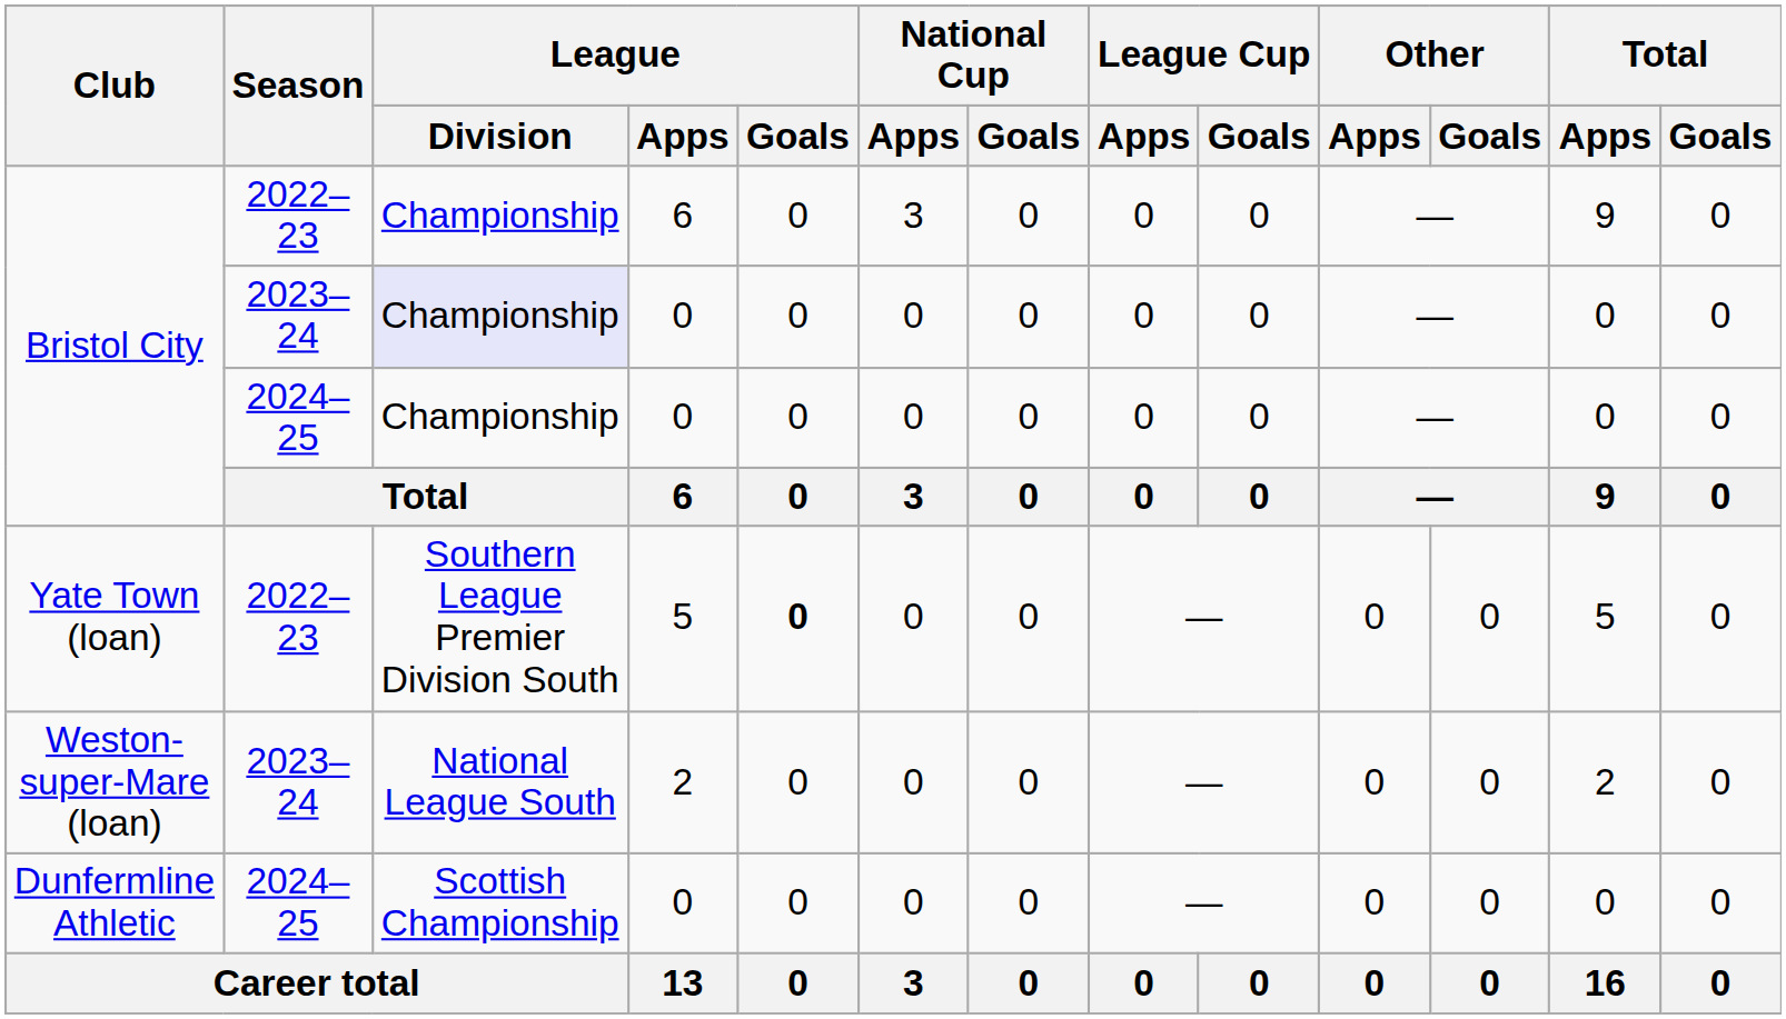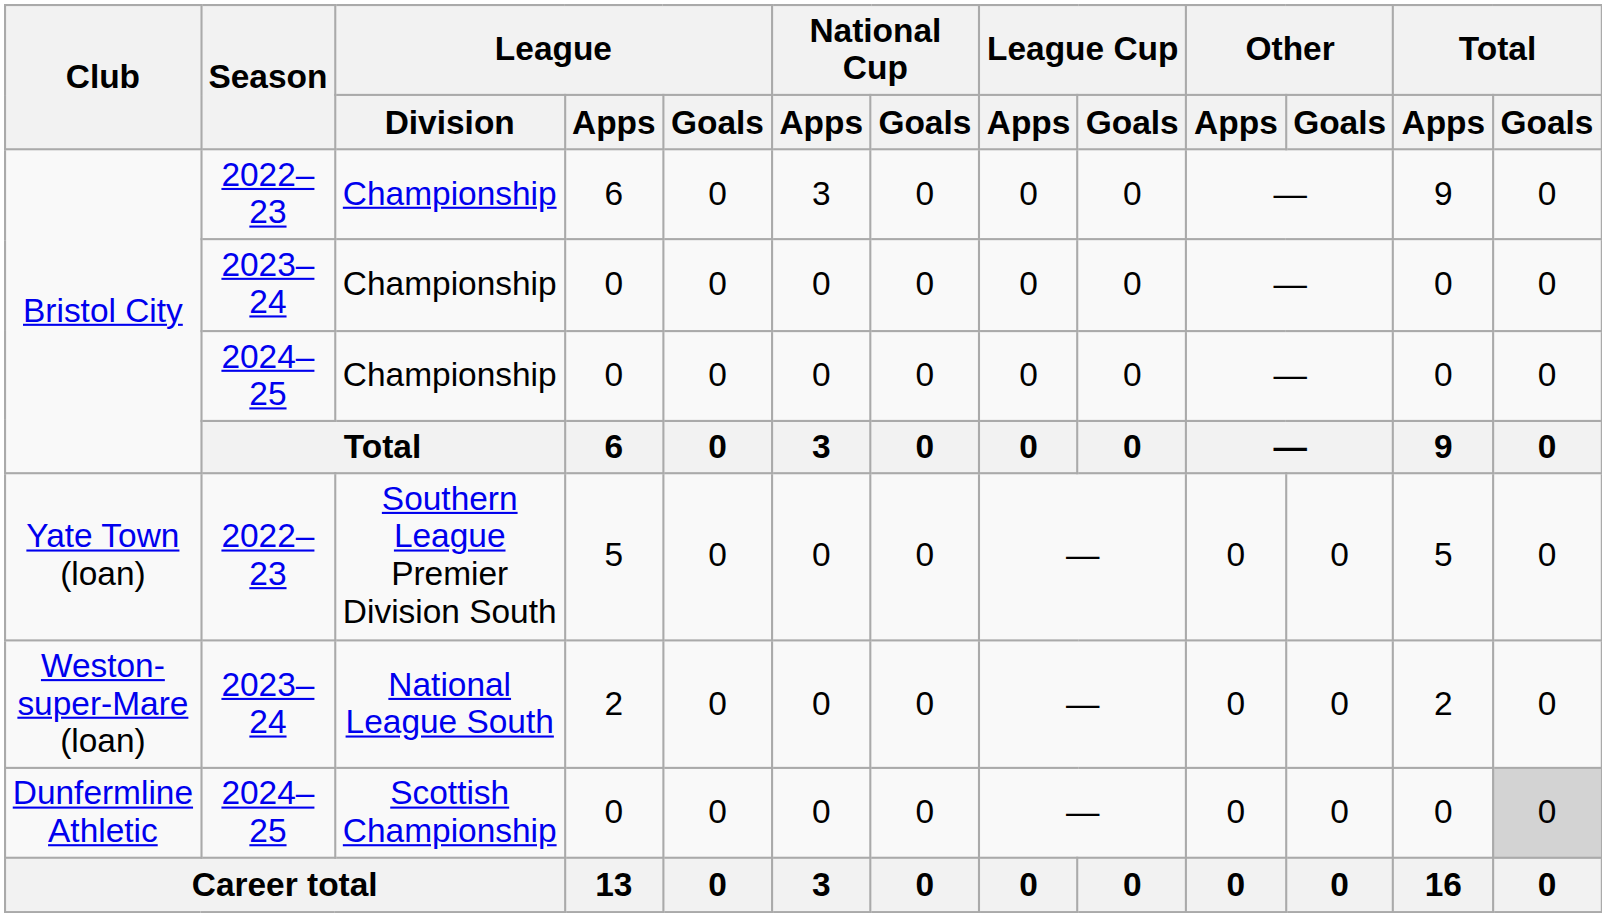 <table class=wikitable style="text-align: center">
 <tr>
 <th rowspan=2>Club</th>
 <th rowspan=2>Season</th>
 <th colspan=3>League</th>
 <th colspan=2>National Cup</th>
 <th colspan=2>League Cup</th>
 <th colspan=2>Other</th>
 <th colspan=2>Total</th>
 </tr>
 <tr>
 <th>Division</th>
 <th>Apps</th>
 <th>Goals</th>
 <th>Apps</th>
 <th>Goals</th>
 <th>Apps</th>
 <th>Goals</th>
 <th>Apps</th>
 <th>Goals</th>
 <th>Apps</th>
 <th>Goals</th>
 </tr>
 <tr>
 <td rowspan=4><a href='#'>Bristol City</a></td>
 <td><a href='#'>2022–23</a></td>
 <td><a href='#'>Championship</a></td>
 <td>6</td>
 <td>0</td>
 <td>3</td>
 <td>0</td>
 <td>0</td>
 <td>0</td>
 <td colspan=2>—</td>
 <td>9</td>
 <td>0</td>
 </tr>
 <tr>
 <td><a href='#'>2023–24</a></td>
-<td style="background: lavender;">Championship</td>
+<td>Championship</td>
 <td>0</td>
 <td>0</td>
 <td>0</td>
 <td>0</td>
 <td>0</td>
 <td>0</td>
 <td colspan=2>—</td>
 <td>0</td>
 <td>0</td>
 </tr>
 <tr>
 <td><a href='#'>2024–25</a></td>
 <td>Championship</td>
 <td>0</td>
 <td>0</td>
 <td>0</td>
 <td>0</td>
 <td>0</td>
 <td>0</td>
 <td colspan=2>—</td>
 <td>0</td>
 <td>0</td>
 </tr>
 <tr>
 <th colspan=2>Total</th>
 <th>6</th>
 <th>0</th>
 <th>3</th>
 <th>0</th>
 <th>0</th>
 <th>0</th>
 <th colspan=2>—</th>
 <th>9</th>
 <th>0</th>
 </tr>
 <tr>
 <td><a href='#'>Yate Town</a> (loan)</td>
 <td><a href='#'>2022–23</a></td>
 <td><a href='#'>Southern League</a><br>Premier Division South</td>
 <td>5</td>
-<td><strong>0</strong></td>
+<td>0</td>
 <td>0</td>
 <td>0</td>
 <td colspan=2>—</td>
 <td>0</td>
 <td>0</td>
 <td>5</td>
 <td>0</td>
 </tr>
 <tr>
 <td><a href='#'>Weston-super-Mare</a> (loan)</td>
 <td><a href='#'>2023–24</a></td>
 <td><a href='#'>National League South</a></td>
 <td>2</td>
 <td>0</td>
 <td>0</td>
 <td>0</td>
 <td colspan=2>—</td>
 <td>0</td>
 <td>0</td>
 <td>2</td>
 <td>0</td>
 </tr>
 <tr>
 <td><a href='#'>Dunfermline Athletic</a></td>
 <td><a href='#'>2024–25</a></td>
 <td><a href='#'>Scottish Championship</a></td>
 <td>0</td>
 <td>0</td>
 <td>0</td>
 <td>0</td>
 <td colspan=2>—</td>
 <td>0</td>
 <td>0</td>
 <td>0</td>
-<td>0</td>
+<td style="background: lightgrey;">0</td>
 </tr>
 <tr>
 <th colspan=3>Career total</th>
 <th>13</th>
 <th>0</th>
 <th>3</th>
 <th>0</th>
 <th>0</th>
 <th>0</th>
 <th>0</th>
 <th>0</th>
 <th>16</th>
 <th>0</th>
 </tr>
 </table>
